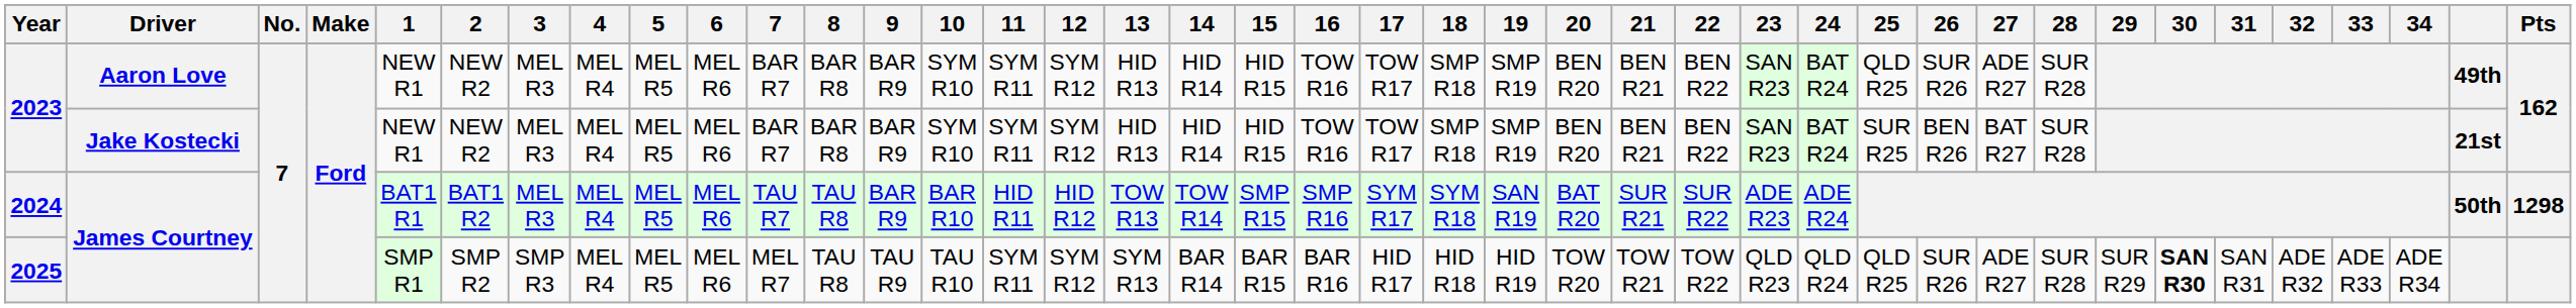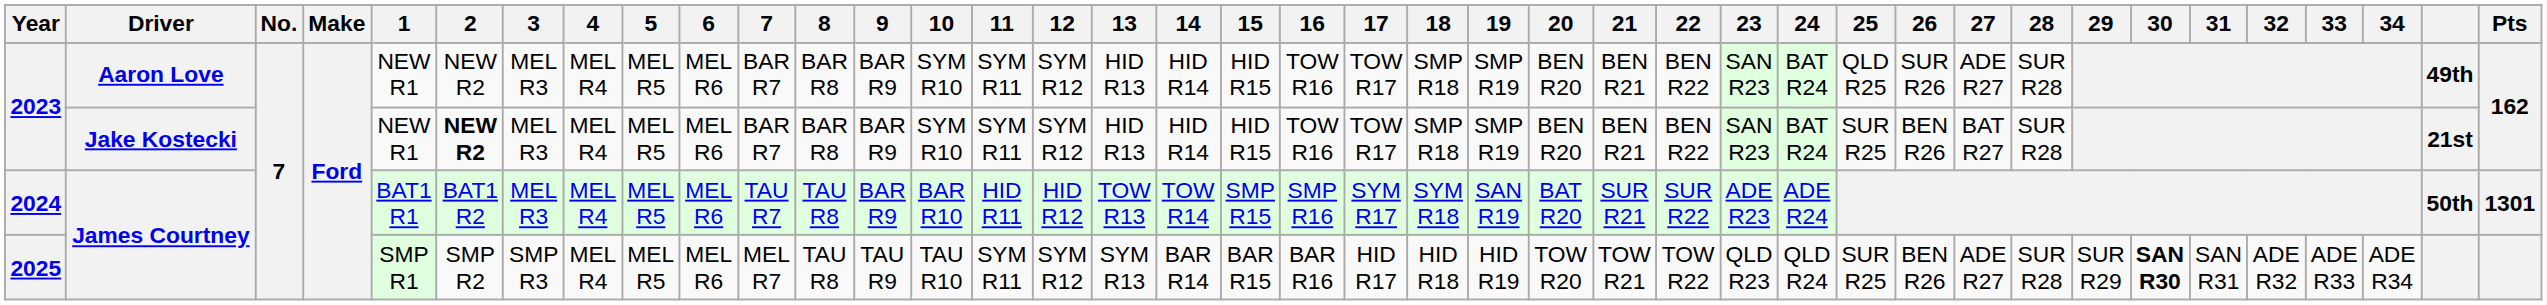 <table class="wikitable mw-collapsible mw-collapsed" style="text-align:center; font-size:75%">
 <tr>
 <th>Year</th>
 <th>Driver</th>
 <th>No.</th>
 <th>Make</th>
 <th>1</th>
 <th>2</th>
 <th>3</th>
 <th>4</th>
 <th>5</th>
 <th>6</th>
 <th>7</th>
 <th>8</th>
 <th>9</th>
 <th>10</th>
 <th>11</th>
 <th>12</th>
 <th>13</th>
 <th>14</th>
 <th>15</th>
 <th>16</th>
 <th>17</th>
 <th>18</th>
 <th>19</th>
 <th>20</th>
 <th>21</th>
 <th>22</th>
 <th>23</th>
 <th>24</th>
 <th>25</th>
 <th>26</th>
 <th>27</th>
 <th>28</th>
 <th>29</th>
 <th>30</th>
 <th>31</th>
 <th>32</th>
 <th>33</th>
 <th>34</th>
 <th></th>
 <th>Pts</th>
 </tr>
 <tr>
 <th rowspan=2><a href='#'>2023</a></th>
 <th><a href='#'>Aaron Love</a></th>
 <th rowspan=4>7</th>
 <th rowspan=4><a href='#'>Ford</a></th>
 <td>NEW<br>R1<br></td>
 <td>NEW<br>R2</td>
 <td>MEL<br>R3<br></td>
 <td>MEL<br>R4<br></td>
 <td>MEL<br>R5<br></td>
 <td>MEL<br>R6<br></td>
 <td>BAR<br>R7<br></td>
 <td>BAR<br>R8<br></td>
 <td>BAR<br>R9<br></td>
 <td>SYM<br>R10<br></td>
 <td>SYM<br>R11<br></td>
 <td>SYM<br>R12<br></td>
 <td>HID<br>R13<br></td>
 <td>HID<br>R14<br></td>
 <td>HID<br>R15<br></td>
 <td>TOW<br>R16<br></td>
 <td>TOW<br>R17<br></td>
 <td>SMP<br>R18<br></td>
 <td>SMP<br>R19<br></td>
 <td>BEN<br>R20<br></td>
 <td>BEN<br>R21<br></td>
 <td>BEN<br>R22<br></td>
 <td style="background:#dfffdf">SAN<br>R23<br></td>
 <td style="background:#dfffdf">BAT<br>R24<br></td>
 <td>QLD<br>R25<br></td>
 <td>SUR<br>R26<br></td>
 <td>ADE<br>R27<br></td>
 <td>SUR<br>R28<br></td>
 <th colspan=6></th>
 <th>49th</th>
 <th rowspan=2>162</th>
 </tr>
 <tr>
 <th><a href='#'>Jake Kostecki</a></th>
 <td>NEW<br>R1<br></td>
-<td>NEW<br>R2</td>
+<td><strong>NEW<br>R2</strong></td>
 <td>MEL<br>R3<br></td>
 <td>MEL<br>R4<br></td>
 <td>MEL<br>R5<br></td>
 <td>MEL<br>R6<br></td>
 <td>BAR<br>R7<br></td>
 <td>BAR<br>R8<br></td>
 <td>BAR<br>R9<br></td>
 <td>SYM<br>R10<br></td>
 <td>SYM<br>R11<br></td>
 <td>SYM<br>R12<br></td>
 <td>HID<br>R13<br></td>
 <td>HID<br>R14<br></td>
 <td>HID<br>R15<br></td>
 <td>TOW<br>R16<br></td>
 <td>TOW<br>R17<br></td>
 <td>SMP<br>R18<br></td>
 <td>SMP<br>R19<br></td>
 <td>BEN<br>R20<br></td>
 <td>BEN<br>R21<br></td>
 <td>BEN<br>R22<br></td>
 <td style="background:#dfffdf">SAN<br>R23<br></td>
 <td style="background:#dfffdf">BAT<br>R24<br></td>
 <td>SUR<br>R25<br></td>
 <td>BEN<br>R26<br></td>
 <td>BAT<br>R27<br></td>
 <td>SUR<br>R28<br></td>
 <th colspan=6></th>
 <th>21st</th>
 </tr>
 <tr>
 <th><a href='#'>2024</a></th>
 <th rowspan=2><a href='#'>James Courtney</a></th>
 <td style=background:#dfffdf><a href='#'>BAT1<br>R1</a><br></td>
 <td style=background:#dfffdf><a href='#'>BAT1<br>R2</a><br></td>
 <td style=background:#dfffdf><a href='#'>MEL<br>R3</a><br></td>
 <td style=background:#dfffdf><a href='#'>MEL<br>R4</a><br></td>
 <td style=background:#dfffdf><a href='#'>MEL<br>R5</a><br></td>
 <td style=background:#dfffdf><a href='#'>MEL<br>R6</a><br></td>
 <td style=background:#dfffdf><a href='#'>TAU<br>R7</a><br></td>
 <td style=background:#dfffdf><a href='#'>TAU<br>R8</a><br></td>
 <td style=background:#dfffdf><a href='#'>BAR<br>R9</a><br></td>
 <td style=background:#dfffdf><a href='#'>BAR<br>R10</a><br></td>
 <td style=background:#dfffdf><a href='#'>HID<br>R11</a><br></td>
 <td style=background:#dfffdf><a href='#'>HID<br>R12</a><br></td>
 <td style=background:#dfffdf><a href='#'>TOW<br>R13</a><br></td>
 <td style=background:#dfffdf><a href='#'>TOW<br>R14</a><br></td>
 <td style=background:#dfffdf><a href='#'>SMP<br>R15</a><br></td>
 <td style=background:#dfffdf><a href='#'>SMP<br>R16</a><br></td>
 <td style=background:#dfffdf><a href='#'>SYM<br>R17</a><br></td>
 <td style=background:#dfffdf><a href='#'>SYM<br>R18</a><br></td>
 <td style=background:#dfffdf><a href='#'>SAN<br>R19</a><br></td>
 <td style=background:#dfffdf><a href='#'>BAT<br>R20</a><br></td>
 <td style=background:#dfffdf><a href='#'>SUR<br>R21</a><br></td>
 <td style=background:#dfffdf><a href='#'>SUR<br>R22</a><br></td>
 <td style=background:#dfffdf><a href='#'>ADE<br>R23</a><br></td>
 <td style=background:#dfffdf><a href='#'>ADE<br>R24</a><br></td>
 <th colspan=10></th>
 <th>50th</th>
-<th>1298</th>
+<th>1301</th>
 </tr>
 <tr>
 <th><a href='#'>2025</a></th>
 <td style=background:#dfffdf>SMP<br>R1<br></td>
 <td>SMP<br>R2<br></td>
 <td>SMP<br>R3<br></td>
 <td>MEL<br>R4<br></td>
 <td>MEL<br>R5<br></td>
 <td>MEL<br>R6<br></td>
 <td>MEL<br>R7<br></td>
 <td>TAU<br>R8<br></td>
 <td>TAU<br>R9<br></td>
 <td>TAU<br>R10<br></td>
 <td>SYM<br>R11<br></td>
 <td>SYM<br>R12<br></td>
 <td>SYM<br>R13<br></td>
 <td>BAR<br>R14<br></td>
 <td>BAR<br>R15<br></td>
 <td>BAR<br>R16<br></td>
 <td>HID<br>R17<br></td>
 <td>HID<br>R18<br></td>
 <td>HID<br>R19<br></td>
 <td>TOW<br>R20<br></td>
 <td>TOW<br>R21<br></td>
 <td>TOW<br>R22<br></td>
 <td>QLD<br>R23<br></td>
 <td>QLD<br>R24<br></td>
-<td>QLD<br>R25<br></td>
-<td>SUR<br>R26<br></td>
+<td>SUR<br>R25<br></td>
+<td>BEN<br>R26<br></td>
 <td>ADE<br>R27<br></td>
 <td>SUR<br>R28<br></td>
 <td>SUR<br>R29<br></td>
 <td><strong>SAN<br>R30<br></strong></td>
 <td>SAN<br>R31<br></td>
 <td>ADE<br>R32<br></td>
 <td>ADE<br>R33<br></td>
 <td>ADE<br>R34<br></td>
 <th></th>
 <th></th>
 </tr>
 </table>
